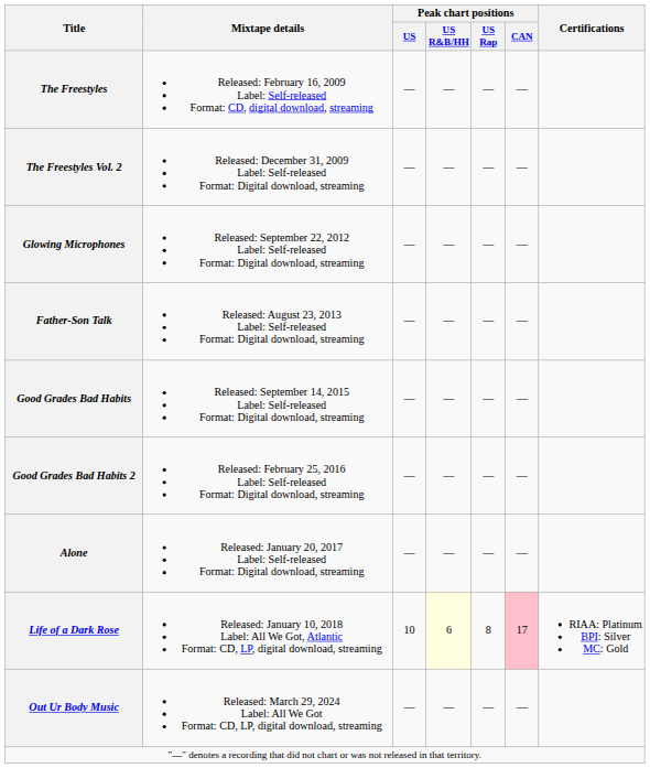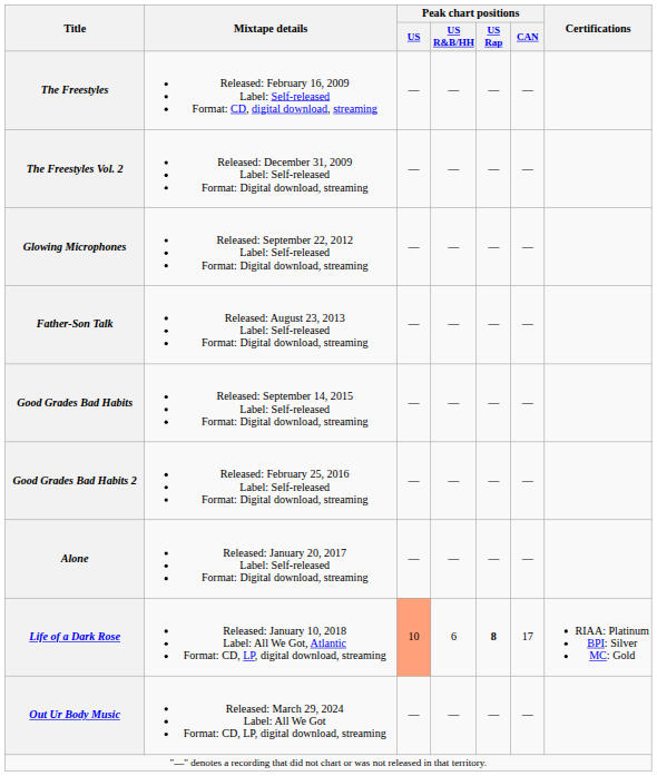 <table class="wikitable plainrowheaders" style="text-align:center;" border="1">
 <tr>
 <th scope="col" rowspan="2" style="width:12em;">Title</th>
 <th scope="col" rowspan="2" style="width:22em;">Mixtape details</th>
 <th scope="col" colspan="4">Peak chart positions</th>
 <th rowspan="2">Certifications</th>
 </tr>
 <tr>
 <th scope="col" style="width:2.9em;font-size:90%;"><a href='#'>US</a><br></th>
 <th scope="col" style="width:2.9em;font-size:90%;"><a href='#'>US<br>R&B/HH</a><br></th>
 <th scope="col" style="width:2.9em;font-size:90%;"><a href='#'>US<br>Rap</a><br></th>
 <th scope="col" style="width:2.9em;font-size:90%;"><a href='#'>CAN</a><br></th>
 </tr>
 <tr>
 <th scope="row"><em>The Freestyles</em></th>
 <td><br><ul><li>Released: February 16, 2009</li><li>Label: <a href='#'>Self-released</a></li><li>Format: <a href='#'>CD</a>, <a href='#'>digital download</a>, <a href='#'>streaming</a></li></ul></td>
 <td>—</td>
 <td>—</td>
 <td>—</td>
 <td>—</td>
 <td></td>
 </tr>
 <tr>
 <th scope="row"><em>The Freestyles Vol. 2</em></th>
 <td><br><ul><li>Released: December 31, 2009</li><li>Label: Self-released</li><li>Format: Digital download, streaming</li></ul></td>
 <td>—</td>
 <td>—</td>
 <td>—</td>
 <td>—</td>
 <td></td>
 </tr>
 <tr>
 <th scope="row"><em>Glowing Microphones</em></th>
 <td><br><ul><li>Released: September 22, 2012</li><li>Label: Self-released</li><li>Format: Digital download, streaming</li></ul></td>
 <td>—</td>
 <td>—</td>
 <td>—</td>
 <td>—</td>
 <td></td>
 </tr>
 <tr>
 <th scope="row"><em>Father-Son Talk</em> <br></th>
 <td><br><ul><li>Released: August 23, 2013</li><li>Label: Self-released</li><li>Format: Digital download, streaming</li></ul></td>
 <td>—</td>
 <td>—</td>
 <td>—</td>
 <td>—</td>
 <td></td>
 </tr>
 <tr>
 <th scope="row"><em>Good Grades Bad Habits</em></th>
 <td><br><ul><li>Released: September 14, 2015</li><li>Label: Self-released</li><li>Format: Digital download, streaming</li></ul></td>
 <td>—</td>
 <td>—</td>
 <td>—</td>
 <td>—</td>
 <td></td>
 </tr>
 <tr>
 <th scope="row"><em>Good Grades Bad Habits 2</em></th>
 <td><br><ul><li>Released: February 25, 2016</li><li>Label: Self-released</li><li>Format: Digital download, streaming</li></ul></td>
 <td>—</td>
 <td>—</td>
 <td>—</td>
 <td>—</td>
 <td></td>
 </tr>
 <tr>
 <th scope="row"><em>Alone</em></th>
 <td><br><ul><li>Released: January 20, 2017</li><li>Label: Self-released</li><li>Format: Digital download, streaming</li></ul></td>
 <td>—</td>
 <td>—</td>
 <td>—</td>
 <td>—</td>
 <td></td>
 </tr>
 <tr>
 <th scope="row"><em><a href='#'>Life of a Dark Rose</a></em></th>
 <td><br><ul><li>Released: January 10, 2018</li><li>Label: All We Got, <a href='#'>Atlantic</a></li><li>Format: CD, <a href='#'>LP</a>, digital download, streaming</li></ul></td>
-<td>10</td>
-<td style="background: lightyellow;">6</td>
-<td>8</td>
-<td style="background: pink;">17</td>
+<td style="background: lightsalmon;">10</td>
+<td>6</td>
+<td><strong>8</strong></td>
+<td>17</td>
 <td><br><ul><li>RIAA: Platinum</li><li><a href='#'>BPI</a>: Silver</li><li><a href='#'>MC</a>: Gold</li></ul></td>
 </tr>
 <tr>
 <th scope="row"><em><a href='#'>Out Ur Body Music</a></em></th>
 <td><br><ul><li>Released: March 29, 2024 </li><li>Label: All We Got</li><li>Format: CD, LP, digital download, streaming</li></ul></td>
 <td>—</td>
 <td>—</td>
 <td>—</td>
 <td>—</td>
 <td></td>
 </tr>
 <tr>
 <td colspan="8" style="font-size:90%">"—" denotes a recording that did not chart or was not released in that territory.</td>
 </tr>
 </table>
